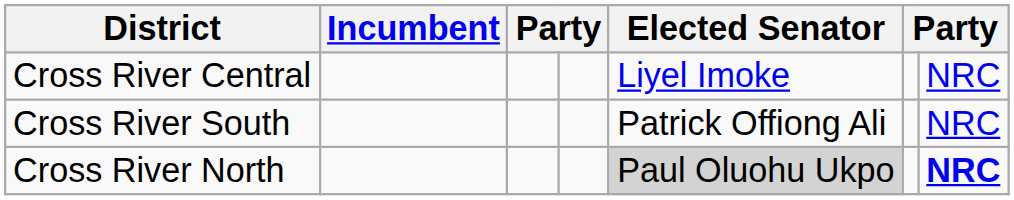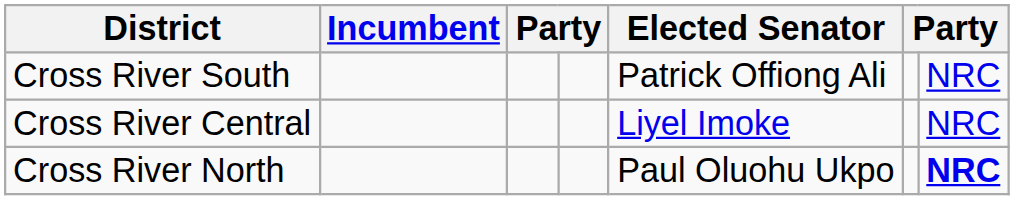 <table class="sortable wikitable" style="font-size:95%;line-height:14px;">
 <tr>
 <th class="unsortable">District</th>
 <th class="unsortable"><a href='#'>Incumbent</a></th>
 <th colspan="2">Party</th>
 <th class="unsortable">Elected Senator</th>
 <th colspan="2">Party</th>
+</tr>
+<tr>
+<td>Cross River South</td>
+<td></td>
+<td></td>
+<td></td>
+<td>Patrick Offiong Ali</td>
+<td style="background:"></td>
+<td><a href='#'>NRC</a></td>
 </tr>
 <tr>
 <td>Cross River Central</td>
 <td></td>
 <td></td>
 <td></td>
 <td><a href='#'>Liyel Imoke</a></td>
 <td style="background:"></td>
 <td><a href='#'>NRC</a></td>
 </tr>
 <tr>
-<td>Cross River South</td>
-<td></td>
-<td></td>
-<td></td>
-<td>Patrick Offiong Ali</td>
-<td style="background:"></td>
-<td><a href='#'>NRC</a></td>
-</tr>
-<tr>
 <td>Cross River North</td>
 <td></td>
 <td></td>
 <td></td>
-<td style="background: lightgrey;">Paul Oluohu Ukpo</td>
+<td>Paul Oluohu Ukpo</td>
 <td style="background:"></td>
 <td><strong><a href='#'>NRC</a></strong></td>
 </tr>
 </table>
